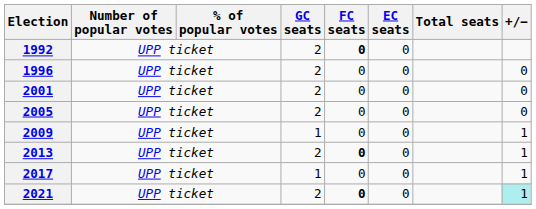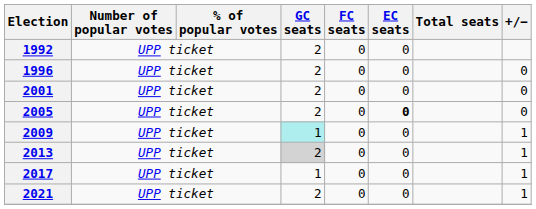 <table class="wikitable" style="text-align: right;">
 <tr align="center">
 <th><strong>Election</strong></th>
 <th>Number of<br>popular votes</th>
 <th>% of<br>popular votes</th>
 <th><a href='#'>GC</a><br>seats</th>
 <th><a href='#'>FC</a><br>seats</th>
 <th><a href='#'>EC</a><br>seats</th>
 <th>Total seats</th>
 <th>+/−</th>
 </tr>
 <tr>
 <th><a href='#'>1992</a></th>
 <td colspan="2" align="center"><em><a href='#'>UPP</a> ticket</em></td>
 <td>2</td>
-<td><strong>0</strong></td>
+<td>0</td>
 <td>0</td>
 <td></td>
 <td></td>
 </tr>
 <tr>
 <th><a href='#'>1996</a></th>
 <td colspan="2" align="center"><em><a href='#'>UPP</a> ticket</em></td>
 <td>2</td>
 <td>0</td>
 <td>0</td>
 <td></td>
 <td>0</td>
 </tr>
 <tr>
 <th><a href='#'>2001</a></th>
 <td colspan="2" align="center"><em><a href='#'>UPP</a> ticket</em></td>
 <td>2</td>
 <td>0</td>
 <td>0</td>
 <td></td>
 <td>0</td>
 </tr>
 <tr>
 <th><a href='#'>2005</a></th>
 <td colspan="2" align="center"><em><a href='#'>UPP</a> ticket</em></td>
 <td>2</td>
 <td>0</td>
-<td>0</td>
+<td><strong>0</strong></td>
 <td></td>
 <td>0</td>
 </tr>
 <tr>
 <th><a href='#'>2009</a></th>
 <td colspan="2" align="center"><em><a href='#'>UPP</a> ticket</em></td>
-<td>1</td>
+<td style="background: paleturquoise;">1</td>
 <td>0</td>
 <td>0</td>
 <td></td>
 <td>1</td>
 </tr>
 <tr>
 <th><a href='#'>2013</a></th>
 <td colspan="2" align="center"><em><a href='#'>UPP</a> ticket</em></td>
-<td>2</td>
-<td><strong>0</strong></td>
+<td style="background: lightgrey;">2</td>
+<td>0</td>
 <td>0</td>
 <td></td>
 <td>1</td>
 </tr>
 <tr>
 <th><a href='#'>2017</a></th>
 <td colspan="2" align="center"><em><a href='#'>UPP</a> ticket</em></td>
 <td>1</td>
 <td>0</td>
 <td>0</td>
 <td></td>
 <td>1</td>
 </tr>
 <tr>
 <th><a href='#'>2021</a></th>
 <td colspan="2" align="center"><em><a href='#'>UPP</a> ticket</em></td>
 <td>2</td>
-<td><strong>0</strong></td>
+<td>0</td>
 <td>0</td>
 <td></td>
-<td style="background: paleturquoise;">1</td>
+<td>1</td>
 </tr>
 <tr>
 </tr>
 </table>
